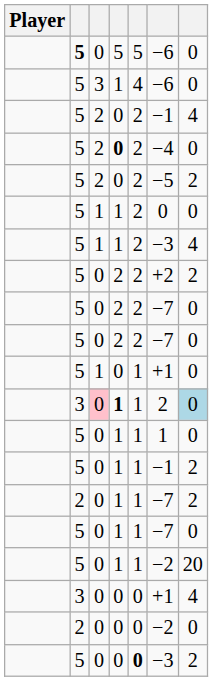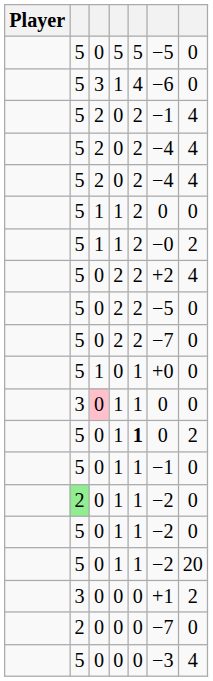 <table class="wikitable sortable" style="text-align:center;">
 <tr>
 <th>Player</th>
 <th></th>
 <th></th>
 <th></th>
 <th></th>
 <th data-sort-type="number"></th>
 <th></th>
 </tr>
 <tr>
 <td></td>
-<td><strong>5</strong></td>
+<td>5</td>
 <td>0</td>
 <td>5</td>
 <td>5</td>
-<td>−6</td>
+<td>−5</td>
 <td>0</td>
 </tr>
 <tr>
 <td></td>
 <td>5</td>
 <td>3</td>
 <td>1</td>
 <td>4</td>
 <td>−6</td>
 <td>0</td>
 </tr>
 <tr>
 <td></td>
 <td>5</td>
 <td>2</td>
 <td>0</td>
 <td>2</td>
 <td>−1</td>
 <td>4</td>
 </tr>
 <tr>
 <td></td>
 <td>5</td>
 <td>2</td>
-<td><strong>0</strong></td>
+<td>0</td>
 <td>2</td>
 <td>−4</td>
-<td>0</td>
+<td>4</td>
 </tr>
 <tr>
 <td></td>
 <td>5</td>
 <td>2</td>
 <td>0</td>
 <td>2</td>
-<td>−5</td>
-<td>2</td>
+<td>−4</td>
+<td>4</td>
 </tr>
 <tr>
 <td></td>
 <td>5</td>
 <td>1</td>
 <td>1</td>
 <td>2</td>
 <td>0</td>
 <td>0</td>
 </tr>
 <tr>
 <td></td>
 <td>5</td>
 <td>1</td>
 <td>1</td>
 <td>2</td>
-<td>−3</td>
+<td>−0</td>
+<td>2</td>
+</tr>
+<tr>
+<td></td>
+<td>5</td>
+<td>0</td>
+<td>2</td>
+<td>2</td>
+<td>+2</td>
 <td>4</td>
 </tr>
 <tr>
 <td></td>
 <td>5</td>
 <td>0</td>
 <td>2</td>
 <td>2</td>
-<td>+2</td>
-<td>2</td>
-</tr>
-<tr>
-<td></td>
-<td>5</td>
-<td>0</td>
-<td>2</td>
-<td>2</td>
-<td>−7</td>
+<td>−5</td>
 <td>0</td>
 </tr>
 <tr>
 <td></td>
 <td>5</td>
 <td>0</td>
 <td>2</td>
 <td>2</td>
 <td>−7</td>
 <td>0</td>
 </tr>
 <tr>
 <td></td>
 <td>5</td>
 <td>1</td>
 <td>0</td>
 <td>1</td>
-<td>+1</td>
+<td>+0</td>
 <td>0</td>
 </tr>
 <tr>
 <td></td>
 <td>3</td>
 <td style="background: pink;">0</td>
+<td>1</td>
+<td>1</td>
+<td>0</td>
+<td>0</td>
+</tr>
+<tr>
+<td></td>
+<td>5</td>
+<td>0</td>
+<td>1</td>
 <td><strong>1</strong></td>
-<td>1</td>
+<td>0</td>
 <td>2</td>
-<td style="background: lightblue;">0</td>
 </tr>
 <tr>
 <td></td>
 <td>5</td>
 <td>0</td>
 <td>1</td>
 <td>1</td>
+<td>−1</td>
+<td>0</td>
+</tr>
+<tr>
+<td></td>
+<td style="background: lightgreen;">2</td>
+<td>0</td>
 <td>1</td>
+<td>1</td>
+<td>−2</td>
 <td>0</td>
 </tr>
 <tr>
 <td></td>
 <td>5</td>
 <td>0</td>
 <td>1</td>
 <td>1</td>
-<td>−1</td>
-<td>2</td>
-</tr>
-<tr>
-<td></td>
-<td>2</td>
-<td>0</td>
-<td>1</td>
-<td>1</td>
-<td>−7</td>
-<td>2</td>
-</tr>
-<tr>
-<td></td>
-<td>5</td>
-<td>0</td>
-<td>1</td>
-<td>1</td>
-<td>−7</td>
+<td>−2</td>
 <td>0</td>
 </tr>
 <tr>
 <td></td>
 <td>5</td>
 <td>0</td>
 <td>1</td>
 <td>1</td>
 <td>−2</td>
 <td>20</td>
 </tr>
 <tr>
 <td></td>
 <td>3</td>
 <td>0</td>
 <td>0</td>
 <td>0</td>
 <td>+1</td>
-<td>4</td>
+<td>2</td>
 </tr>
 <tr>
 <td></td>
 <td>2</td>
 <td>0</td>
 <td>0</td>
 <td>0</td>
-<td>−2</td>
+<td>−7</td>
 <td>0</td>
 </tr>
 <tr>
 <td></td>
 <td>5</td>
 <td>0</td>
 <td>0</td>
-<td><strong>0</strong></td>
+<td>0</td>
 <td>−3</td>
-<td>2</td>
+<td>4</td>
 </tr>
 </table>
